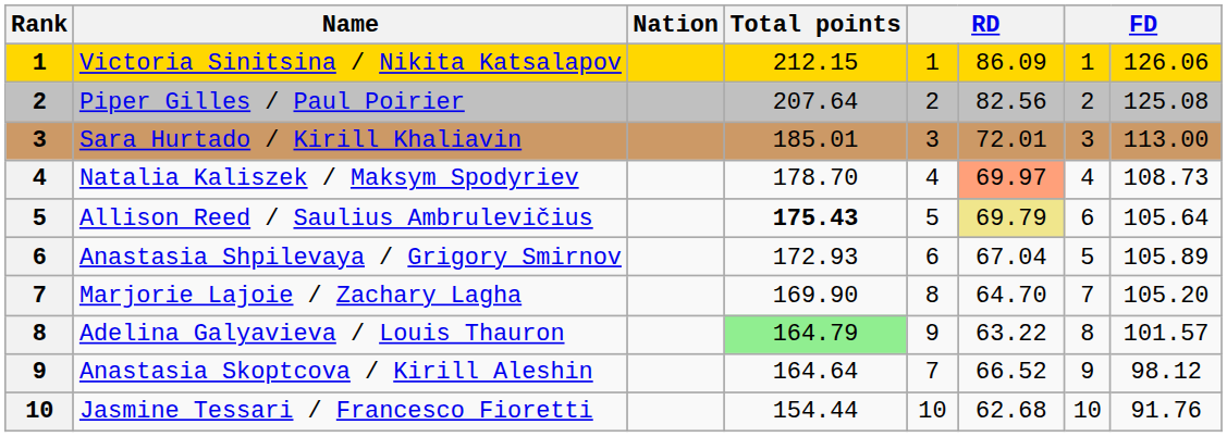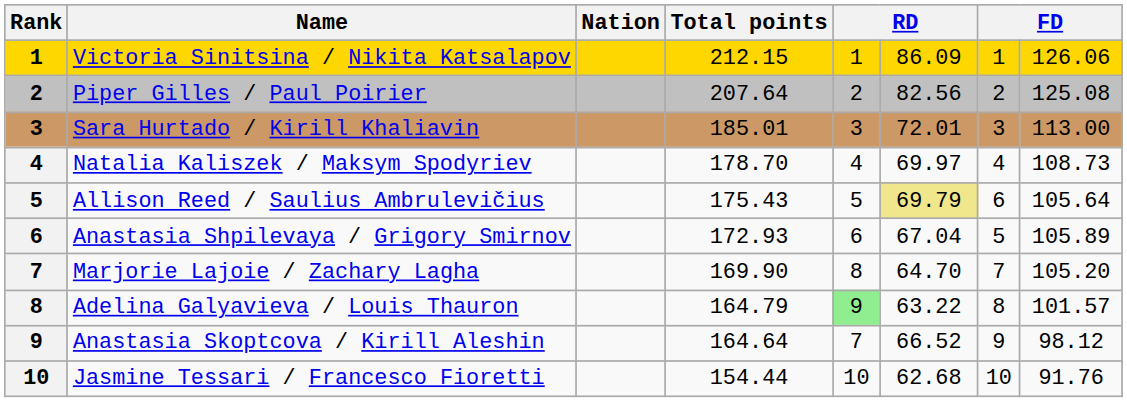 <table class="wikitable sortable">
 <tr>
 <th>Rank</th>
 <th>Name</th>
 <th>Nation</th>
 <th>Total points</th>
 <th colspan="2" width="80px"><a href='#'>RD</a></th>
 <th colspan="2" width="80px"><a href='#'>FD</a></th>
 </tr>
 <tr bgcolor="gold">
 <td align="center"><strong>1</strong></td>
 <td><a href='#'>Victoria Sinitsina</a> / <a href='#'>Nikita Katsalapov</a></td>
 <td></td>
 <td align="center">212.15</td>
 <td align="center">1</td>
 <td align="center">86.09</td>
 <td align="center">1</td>
 <td align="center">126.06</td>
 </tr>
 <tr bgcolor="silver">
 <td align="center"><strong>2</strong></td>
 <td><a href='#'>Piper Gilles</a> / <a href='#'>Paul Poirier</a></td>
 <td></td>
 <td align="center">207.64</td>
 <td align="center">2</td>
 <td align="center">82.56</td>
 <td align="center">2</td>
 <td align="center">125.08</td>
 </tr>
 <tr bgcolor="cc9966">
 <td align="center"><strong>3</strong></td>
 <td><a href='#'>Sara Hurtado</a> / <a href='#'>Kirill Khaliavin</a></td>
 <td></td>
 <td align="center">185.01</td>
 <td align="center">3</td>
 <td align="center">72.01</td>
 <td align="center">3</td>
 <td align="center">113.00</td>
 </tr>
 <tr>
 <th>4</th>
 <td><a href='#'>Natalia Kaliszek</a> / <a href='#'>Maksym Spodyriev</a></td>
 <td></td>
 <td align="center">178.70</td>
 <td align="center">4</td>
-<td align="center" style="background: lightsalmon;">69.97</td>
+<td align="center">69.97</td>
 <td align="center">4</td>
 <td align="center">108.73</td>
 </tr>
 <tr>
 <th>5</th>
 <td><a href='#'>Allison Reed</a> / <a href='#'>Saulius Ambrulevičius</a></td>
 <td></td>
-<td align="center"><strong>175.43</strong></td>
+<td align="center">175.43</td>
 <td align="center">5</td>
 <td align="center" style="background: khaki;">69.79</td>
 <td align="center">6</td>
 <td align="center">105.64</td>
 </tr>
 <tr>
 <th>6</th>
 <td><a href='#'>Anastasia Shpilevaya</a> / <a href='#'>Grigory Smirnov</a></td>
 <td></td>
 <td align="center">172.93</td>
 <td align="center">6</td>
 <td align="center">67.04</td>
 <td align="center">5</td>
 <td align="center">105.89</td>
 </tr>
 <tr>
 <th>7</th>
 <td><a href='#'>Marjorie Lajoie</a> / <a href='#'>Zachary Lagha</a></td>
 <td></td>
 <td align="center">169.90</td>
 <td align="center">8</td>
 <td align="center">64.70</td>
 <td align="center">7</td>
 <td align="center">105.20</td>
 </tr>
 <tr>
 <th>8</th>
 <td><a href='#'>Adelina Galyavieva</a> / <a href='#'>Louis Thauron</a></td>
 <td></td>
-<td align="center" style="background: lightgreen;">164.79</td>
-<td align="center">9</td>
+<td align="center">164.79</td>
+<td align="center" style="background: lightgreen;">9</td>
 <td align="center">63.22</td>
 <td align="center">8</td>
 <td align="center">101.57</td>
 </tr>
 <tr>
 <th>9</th>
 <td><a href='#'>Anastasia Skoptcova</a> / <a href='#'>Kirill Aleshin</a></td>
 <td></td>
 <td align="center">164.64</td>
 <td align="center">7</td>
 <td align="center">66.52</td>
 <td align="center">9</td>
 <td align="center">98.12</td>
 </tr>
 <tr>
 <th>10</th>
 <td><a href='#'>Jasmine Tessari</a> / <a href='#'>Francesco Fioretti</a></td>
 <td></td>
 <td align="center">154.44</td>
 <td align="center">10</td>
 <td align="center">62.68</td>
 <td align="center">10</td>
 <td align="center">91.76</td>
 </tr>
 </table>
